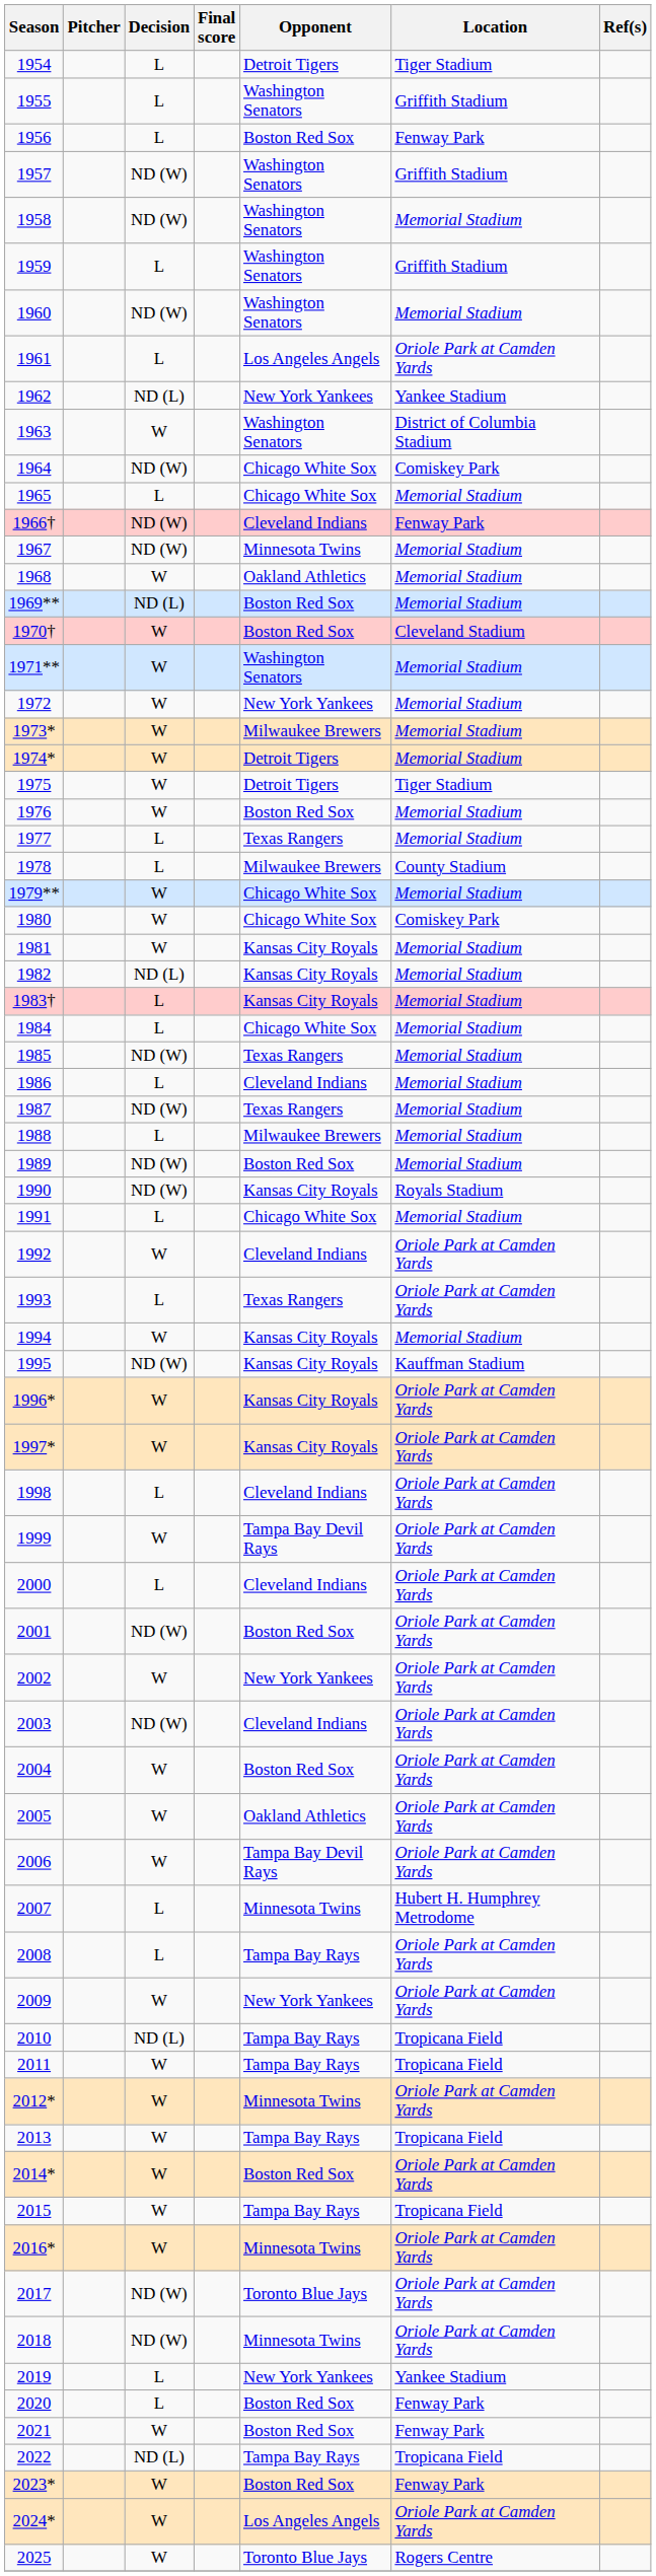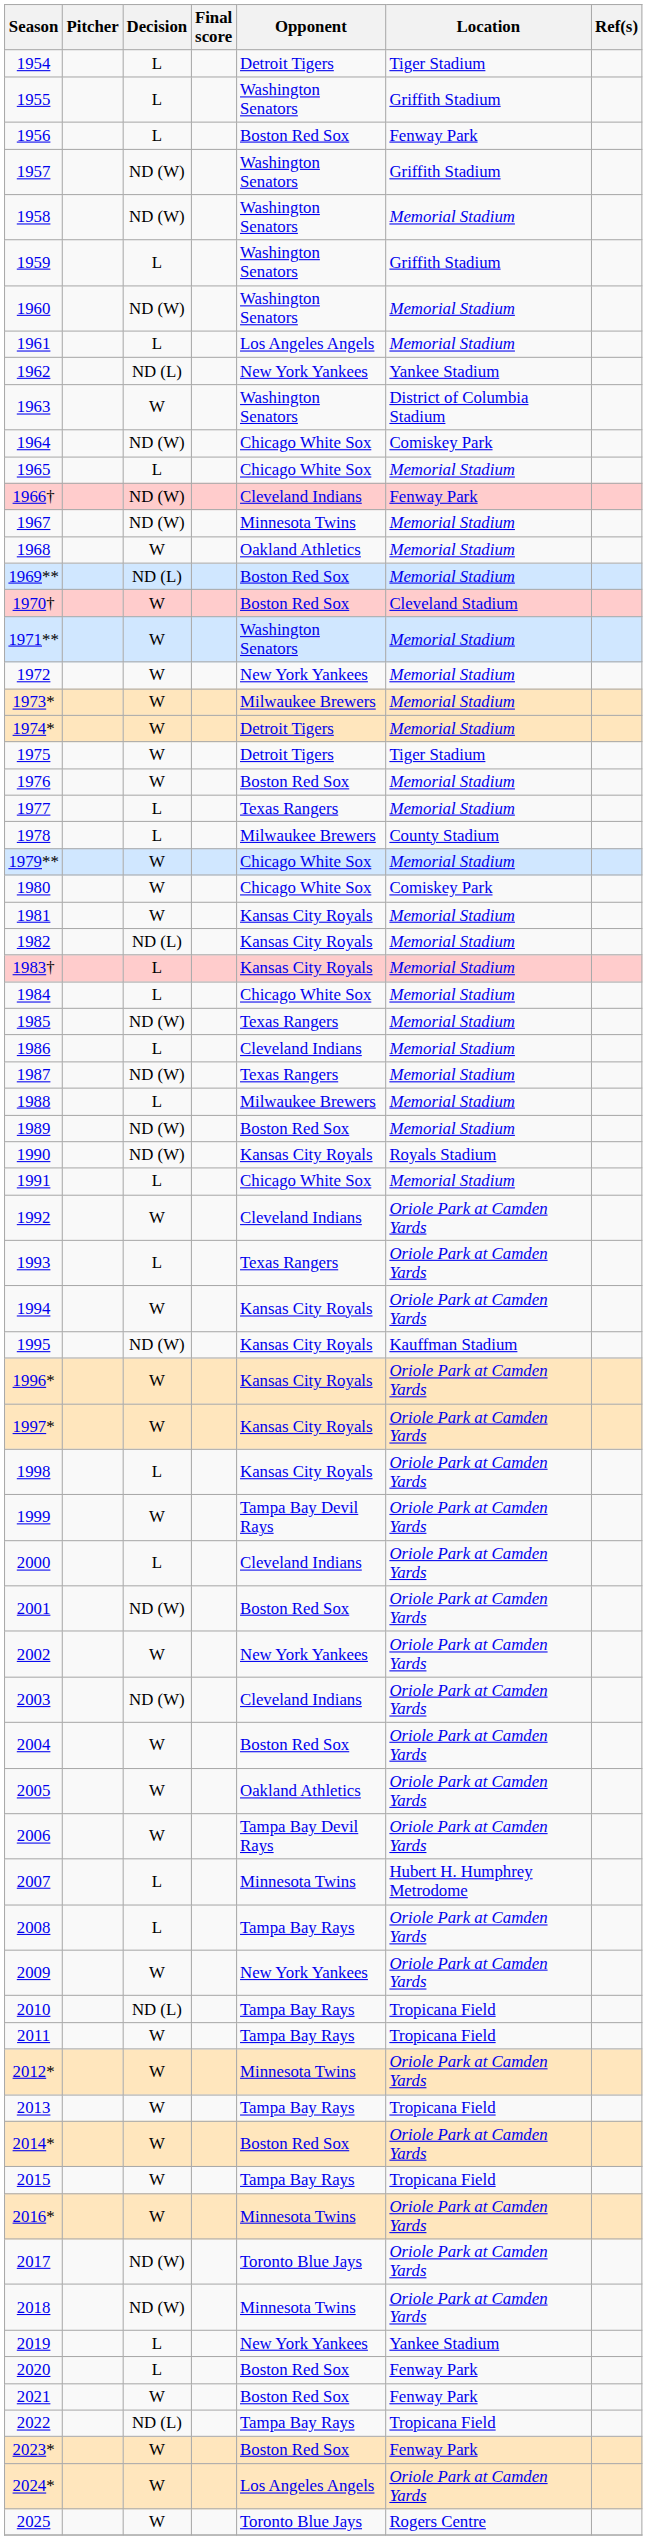 <table class="wikitable sortable plainrowheaders">
 <tr>
 <th scope="col">Season</th>
 <th scope="col">Pitcher</th>
 <th scope="col">Decision</th>
 <th scope="col">Final<br>score</th>
 <th scope="col">Opponent</th>
 <th scope="col">Location</th>
 <th class="unsortable">Ref(s)</th>
 </tr>
 <tr>
 <td align="center"><a href='#'>1954</a></td>
 <td></td>
 <td align="center">L</td>
 <td align="center"></td>
 <td><a href='#'>Detroit Tigers</a></td>
 <td><a href='#'>Tiger Stadium</a></td>
 <td align="center"></td>
 </tr>
 <tr>
 <td align="center"><a href='#'>1955</a></td>
 <td></td>
 <td align="center">L</td>
 <td align="center"></td>
 <td><a href='#'>Washington Senators</a></td>
 <td><a href='#'>Griffith Stadium</a></td>
 <td align="center"></td>
 </tr>
 <tr>
 <td align="center"><a href='#'>1956</a></td>
 <td></td>
 <td align="center">L</td>
 <td align="center"></td>
 <td><a href='#'>Boston Red Sox</a></td>
 <td><a href='#'>Fenway Park</a></td>
 <td align="center"></td>
 </tr>
 <tr>
 <td align="center"><a href='#'>1957</a></td>
 <td></td>
 <td align="center">ND (W)</td>
 <td align="center"></td>
 <td><a href='#'>Washington Senators</a></td>
 <td><a href='#'>Griffith Stadium</a></td>
 <td align="center"></td>
 </tr>
 <tr>
 <td align="center"><a href='#'>1958</a></td>
 <td></td>
 <td align="center">ND (W)</td>
 <td align="center"></td>
 <td><a href='#'>Washington Senators</a></td>
 <td><em><a href='#'>Memorial Stadium</a></em></td>
 <td align="center"></td>
 </tr>
 <tr>
 <td align="center"><a href='#'>1959</a></td>
 <td></td>
 <td align="center">L</td>
 <td align="center"></td>
 <td><a href='#'>Washington Senators</a></td>
 <td><a href='#'>Griffith Stadium</a></td>
 <td align="center"></td>
 </tr>
 <tr>
 <td align="center"><a href='#'>1960</a></td>
 <td></td>
 <td align="center">ND (W)</td>
 <td align="center"></td>
 <td><a href='#'>Washington Senators</a></td>
 <td><em><a href='#'>Memorial Stadium</a></em></td>
 <td align="center"></td>
 </tr>
 <tr>
 <td align="center"><a href='#'>1961</a></td>
 <td></td>
 <td align="center">L</td>
 <td align="center"></td>
 <td><a href='#'>Los Angeles Angels</a></td>
-<td><em><a href='#'>Oriole Park at Camden Yards</a></em></td>
+<td><em><a href='#'>Memorial Stadium</a></em></td>
 <td align="center"></td>
 </tr>
 <tr>
 <td align="center"><a href='#'>1962</a></td>
 <td></td>
 <td align="center">ND (L)</td>
 <td align="center"></td>
 <td><a href='#'>New York Yankees</a></td>
 <td><a href='#'>Yankee Stadium</a></td>
 <td align="center"></td>
 </tr>
 <tr>
 <td align="center"><a href='#'>1963</a></td>
 <td></td>
 <td align="center">W</td>
 <td align="center"></td>
 <td><a href='#'>Washington Senators</a></td>
 <td><a href='#'>District of Columbia Stadium</a></td>
 <td align="center"></td>
 </tr>
 <tr>
 <td align="center"><a href='#'>1964</a></td>
 <td> </td>
 <td align="center">ND (W)</td>
 <td align="center"></td>
 <td><a href='#'>Chicago White Sox</a></td>
 <td><a href='#'>Comiskey Park</a></td>
 <td align="center"></td>
 </tr>
 <tr>
 <td align="center"><a href='#'>1965</a></td>
 <td> </td>
 <td align="center">L</td>
 <td align="center"></td>
 <td><a href='#'>Chicago White Sox</a></td>
 <td><em><a href='#'>Memorial Stadium</a></em></td>
 <td align="center"></td>
 </tr>
 <tr>
 <td style="background-color: #FFCCCC" align="center"><a href='#'>1966</a>†</td>
 <td style="background-color: #FFCCCC"> </td>
 <td style="background-color: #FFCCCC" align="center">ND (W)</td>
 <td style="background-color: #FFCCCC" align="center"></td>
 <td style="background-color: #FFCCCC"><a href='#'>Cleveland Indians</a></td>
 <td style="background-color: #FFCCCC"><a href='#'>Fenway Park</a></td>
 <td style="background-color: #FFCCCC" align="center"></td>
 </tr>
 <tr>
 <td align="center"><a href='#'>1967</a></td>
 <td></td>
 <td align="center">ND (W)</td>
 <td align="center"></td>
 <td><a href='#'>Minnesota Twins</a></td>
 <td><em><a href='#'>Memorial Stadium</a></em></td>
 <td align="center"></td>
 </tr>
 <tr>
 <td align="center"><a href='#'>1968</a></td>
 <td></td>
 <td align="center">W</td>
 <td align="center"></td>
 <td><a href='#'>Oakland Athletics</a></td>
 <td><em><a href='#'>Memorial Stadium</a></em></td>
 <td align="center"></td>
 </tr>
 <tr>
 <td style="background-color: #D0E7FF" align="center"><a href='#'>1969</a>**</td>
 <td style="background-color: #D0E7FF"> </td>
 <td style="background-color: #D0E7FF" align="center">ND (L)</td>
 <td style="background-color: #D0E7FF" align="center"></td>
 <td style="background-color: #D0E7FF"><a href='#'>Boston Red Sox</a></td>
 <td style="background-color: #D0E7FF"><em><a href='#'>Memorial Stadium</a></em></td>
 <td style="background-color: #D0E7FF" align="center"></td>
 </tr>
 <tr>
 <td style="background-color: #FFCCCC" align="center"><a href='#'>1970</a>†</td>
 <td style="background-color: #FFCCCC"> </td>
 <td style="background-color: #FFCCCC" align="center">W</td>
 <td style="background-color: #FFCCCC" align="center"></td>
 <td style="background-color: #FFCCCC"><a href='#'>Boston Red Sox</a></td>
 <td style="background-color: #FFCCCC"><a href='#'>Cleveland Stadium</a></td>
 <td style="background-color: #FFCCCC" align="center"></td>
 </tr>
 <tr>
 <td style="background-color: #D0E7FF" align="center"><a href='#'>1971</a>**</td>
 <td style="background-color: #D0E7FF"> </td>
 <td style="background-color: #D0E7FF" align="center">W</td>
 <td style="background-color: #D0E7FF" align="center"></td>
 <td style="background-color: #D0E7FF"><a href='#'>Washington Senators</a></td>
 <td style="background-color: #D0E7FF"><em><a href='#'>Memorial Stadium</a></em></td>
 <td style="background-color: #D0E7FF" align="center"></td>
 </tr>
 <tr>
 <td align="center"><a href='#'>1972</a></td>
 <td></td>
 <td align="center">W</td>
 <td align="center"></td>
 <td><a href='#'>New York Yankees</a></td>
 <td><em><a href='#'>Memorial Stadium</a></em></td>
 <td align="center"></td>
 </tr>
 <tr>
 <td style="background-color: #FFE6BD" align="center"><a href='#'>1973</a>*</td>
 <td style="background-color: #FFE6BD"> </td>
 <td style="background-color: #FFE6BD" align="center">W</td>
 <td style="background-color: #FFE6BD" align="center"></td>
 <td style="background-color: #FFE6BD"><a href='#'>Milwaukee Brewers</a></td>
 <td style="background-color: #FFE6BD"><em><a href='#'>Memorial Stadium</a></em></td>
 <td style="background-color: #FFE6BD" align="center"></td>
 </tr>
 <tr>
 <td style="background-color: #FFE6BD" align="center"><a href='#'>1974</a>*</td>
 <td style="background-color: #FFE6BD"></td>
 <td style="background-color: #FFE6BD" align="center">W</td>
 <td style="background-color: #FFE6BD" align="center"></td>
 <td style="background-color: #FFE6BD"><a href='#'>Detroit Tigers</a></td>
 <td style="background-color: #FFE6BD"><em><a href='#'>Memorial Stadium</a></em></td>
 <td style="background-color: #FFE6BD" align="center"></td>
 </tr>
 <tr>
 <td align="center"><a href='#'>1975</a></td>
 <td> </td>
 <td align="center">W</td>
 <td align="center"></td>
 <td><a href='#'>Detroit Tigers</a></td>
 <td><a href='#'>Tiger Stadium</a></td>
 <td align="center"></td>
 </tr>
 <tr>
 <td align="center"><a href='#'>1976</a></td>
 <td> </td>
 <td align="center">W</td>
 <td align="center"></td>
 <td><a href='#'>Boston Red Sox</a></td>
 <td><em><a href='#'>Memorial Stadium</a></em></td>
 <td align="center"></td>
 </tr>
 <tr>
 <td align="center"><a href='#'>1977</a></td>
 <td> </td>
 <td align="center">L</td>
 <td align="center"></td>
 <td><a href='#'>Texas Rangers</a></td>
 <td><em><a href='#'>Memorial Stadium</a></em></td>
 <td align="center"></td>
 </tr>
 <tr>
 <td align="center"><a href='#'>1978</a></td>
 <td></td>
 <td align="center">L</td>
 <td align="center"></td>
 <td><a href='#'>Milwaukee Brewers</a></td>
 <td><a href='#'>County Stadium</a></td>
 <td align="center"></td>
 </tr>
 <tr>
 <td style="background-color: #D0E7FF" align="center"><a href='#'>1979</a>**</td>
 <td style="background-color: #D0E7FF"> </td>
 <td style="background-color: #D0E7FF" align="center">W</td>
 <td style="background-color: #D0E7FF" align="center"></td>
 <td style="background-color: #D0E7FF"><a href='#'>Chicago White Sox</a></td>
 <td style="background-color: #D0E7FF"><em><a href='#'>Memorial Stadium</a></em></td>
 <td style="background-color: #D0E7FF" align="center"></td>
 </tr>
 <tr>
 <td align="center"><a href='#'>1980</a></td>
 <td> </td>
 <td align="center">W</td>
 <td align="center"></td>
 <td><a href='#'>Chicago White Sox</a></td>
 <td><a href='#'>Comiskey Park</a></td>
 <td align="center"></td>
 </tr>
 <tr>
 <td align="center"><a href='#'>1981</a></td>
 <td></td>
 <td align="center">W</td>
 <td align="center"></td>
 <td><a href='#'>Kansas City Royals</a></td>
 <td><em><a href='#'>Memorial Stadium</a></em></td>
 <td align="center"></td>
 </tr>
 <tr>
 <td align="center"><a href='#'>1982</a></td>
 <td></td>
 <td align="center">ND (L)</td>
 <td align="center"></td>
 <td><a href='#'>Kansas City Royals</a></td>
 <td><em><a href='#'>Memorial Stadium</a></em></td>
 <td align="center"></td>
 </tr>
 <tr>
 <td style="background-color: #FFCCCC" align="center"><a href='#'>1983</a>†</td>
 <td style="background-color: #FFCCCC"> </td>
 <td style="background-color: #FFCCCC" align="center">L</td>
 <td style="background-color: #FFCCCC" align="center"></td>
 <td style="background-color: #FFCCCC"><a href='#'>Kansas City Royals</a></td>
 <td style="background-color: #FFCCCC"><em><a href='#'>Memorial Stadium</a></em></td>
 <td style="background-color: #FFCCCC" align="center"></td>
 </tr>
 <tr>
 <td align="center"><a href='#'>1984</a></td>
 <td></td>
 <td align="center">L</td>
 <td align="center"></td>
 <td><a href='#'>Chicago White Sox</a></td>
 <td><em><a href='#'>Memorial Stadium</a></em></td>
 <td align="center"></td>
 </tr>
 <tr>
 <td align="center"><a href='#'>1985</a></td>
 <td></td>
 <td align="center">ND (W)</td>
 <td align="center"></td>
 <td><a href='#'>Texas Rangers</a></td>
 <td><em><a href='#'>Memorial Stadium</a></em></td>
 <td align="center"></td>
 </tr>
 <tr>
 <td align="center"><a href='#'>1986</a></td>
 <td> </td>
 <td align="center">L</td>
 <td align="center"></td>
 <td><a href='#'>Cleveland Indians</a></td>
 <td><em><a href='#'>Memorial Stadium</a></em></td>
 <td align="center"></td>
 </tr>
 <tr>
 <td align="center"><a href='#'>1987</a></td>
 <td></td>
 <td align="center">ND (W)</td>
 <td align="center"></td>
 <td><a href='#'>Texas Rangers</a></td>
 <td><em><a href='#'>Memorial Stadium</a></em></td>
 <td align="center"></td>
 </tr>
 <tr>
 <td align="center"><a href='#'>1988</a></td>
 <td> </td>
 <td align="center">L</td>
 <td align="center"></td>
 <td><a href='#'>Milwaukee Brewers</a></td>
 <td><em><a href='#'>Memorial Stadium</a></em></td>
 <td align="center"></td>
 </tr>
 <tr>
 <td align="center"><a href='#'>1989</a></td>
 <td></td>
 <td align="center">ND (W)</td>
 <td align="center"></td>
 <td><a href='#'>Boston Red Sox</a></td>
 <td><em><a href='#'>Memorial Stadium</a></em></td>
 <td align="center"></td>
 </tr>
 <tr>
 <td align="center"><a href='#'>1990</a></td>
 <td></td>
 <td align="center">ND (W)</td>
 <td align="center"></td>
 <td><a href='#'>Kansas City Royals</a></td>
 <td><a href='#'>Royals Stadium</a></td>
 <td align="center"></td>
 </tr>
 <tr>
 <td align="center"><a href='#'>1991</a></td>
 <td></td>
 <td align="center">L</td>
 <td align="center"></td>
 <td><a href='#'>Chicago White Sox</a></td>
 <td><em><a href='#'>Memorial Stadium</a></em></td>
 <td align="center"></td>
 </tr>
 <tr>
 <td align="center"><a href='#'>1992</a></td>
 <td></td>
 <td align="center">W</td>
 <td align="center"></td>
 <td><a href='#'>Cleveland Indians</a></td>
 <td><em><a href='#'>Oriole Park at Camden Yards</a></em></td>
 <td align="center"></td>
 </tr>
 <tr>
 <td align="center"><a href='#'>1993</a></td>
 <td> </td>
 <td align="center">L</td>
 <td align="center"></td>
 <td><a href='#'>Texas Rangers</a></td>
 <td><em><a href='#'>Oriole Park at Camden Yards</a></em></td>
 <td align="center"></td>
 </tr>
 <tr>
 <td align="center"><a href='#'>1994</a></td>
 <td></td>
 <td align="center">W</td>
 <td align="center"></td>
 <td><a href='#'>Kansas City Royals</a></td>
-<td><em><a href='#'>Memorial Stadium</a></em></td>
+<td><em><a href='#'>Oriole Park at Camden Yards</a></em></td>
 <td align="center"></td>
 </tr>
 <tr>
 <td align="center"><a href='#'>1995</a></td>
 <td> </td>
 <td align="center">ND (W)</td>
 <td align="center"></td>
 <td><a href='#'>Kansas City Royals</a></td>
 <td><a href='#'>Kauffman Stadium</a></td>
 <td align="center"></td>
 </tr>
 <tr>
 <td style="background-color: #FFE6BD" align="center"><a href='#'>1996</a>*</td>
 <td style="background-color: #FFE6BD"> </td>
 <td style="background-color: #FFE6BD" align="center">W</td>
 <td style="background-color: #FFE6BD" align="center"></td>
 <td style="background-color: #FFE6BD"><a href='#'>Kansas City Royals</a></td>
 <td style="background-color: #FFE6BD"><em><a href='#'>Oriole Park at Camden Yards</a></em></td>
 <td style="background-color: #FFE6BD" align="center"></td>
 </tr>
 <tr>
 <td style="background-color: #FFE6BD" align="center"><a href='#'>1997</a>*</td>
 <td style="background-color: #FFE6BD"></td>
 <td style="background-color: #FFE6BD" align="center">W</td>
 <td style="background-color: #FFE6BD" align="center"></td>
 <td style="background-color: #FFE6BD"><a href='#'>Kansas City Royals</a></td>
 <td style="background-color: #FFE6BD"><em><a href='#'>Oriole Park at Camden Yards</a></em></td>
 <td style="background-color: #FFE6BD" align="center"></td>
 </tr>
 <tr>
 <td align="center"><a href='#'>1998</a></td>
 <td> </td>
 <td align="center">L</td>
 <td align="center"></td>
-<td><a href='#'>Cleveland Indians</a></td>
+<td><a href='#'>Kansas City Royals</a></td>
 <td><em><a href='#'>Oriole Park at Camden Yards</a></em></td>
 <td align="center"></td>
 </tr>
 <tr>
 <td align="center"><a href='#'>1999</a></td>
 <td> </td>
 <td align="center">W</td>
 <td align="center"></td>
 <td><a href='#'>Tampa Bay Devil Rays</a></td>
 <td><em><a href='#'>Oriole Park at Camden Yards</a></em></td>
 <td align="center"></td>
 </tr>
 <tr>
 <td align="center"><a href='#'>2000</a></td>
 <td> </td>
 <td align="center">L</td>
 <td align="center"></td>
 <td><a href='#'>Cleveland Indians</a></td>
 <td><em><a href='#'>Oriole Park at Camden Yards</a></em></td>
 <td align="center"></td>
 </tr>
 <tr>
 <td align="center"><a href='#'>2001</a></td>
 <td></td>
 <td align="center">ND (W)</td>
 <td align="center"></td>
 <td><a href='#'>Boston Red Sox</a></td>
 <td><em><a href='#'>Oriole Park at Camden Yards</a></em></td>
 <td align="center"></td>
 </tr>
 <tr>
 <td align="center"><a href='#'>2002</a></td>
 <td></td>
 <td align="center">W</td>
 <td align="center"></td>
 <td><a href='#'>New York Yankees</a></td>
 <td><em><a href='#'>Oriole Park at Camden Yards</a></em></td>
 <td align="center"></td>
 </tr>
 <tr>
 <td align="center"><a href='#'>2003</a></td>
 <td></td>
 <td align="center">ND (W)</td>
 <td align="center"></td>
 <td><a href='#'>Cleveland Indians</a></td>
 <td><em><a href='#'>Oriole Park at Camden Yards</a></em></td>
 <td align="center"></td>
 </tr>
 <tr>
 <td align="center"><a href='#'>2004</a></td>
 <td></td>
 <td align="center">W</td>
 <td align="center"></td>
 <td><a href='#'>Boston Red Sox</a></td>
 <td><em><a href='#'>Oriole Park at Camden Yards</a></em></td>
 <td align="center"></td>
 </tr>
 <tr>
 <td align="center"><a href='#'>2005</a></td>
 <td> </td>
 <td align="center">W</td>
 <td align="center"></td>
 <td><a href='#'>Oakland Athletics</a></td>
 <td><em><a href='#'>Oriole Park at Camden Yards</a></em></td>
 <td align="center"></td>
 </tr>
 <tr>
 <td align="center"><a href='#'>2006</a></td>
 <td> </td>
 <td align="center">W</td>
 <td align="center"></td>
 <td><a href='#'>Tampa Bay Devil Rays</a></td>
 <td><em><a href='#'>Oriole Park at Camden Yards</a></em></td>
 <td align="center"></td>
 </tr>
 <tr>
 <td align="center"><a href='#'>2007</a></td>
 <td></td>
 <td align="center">L</td>
 <td align="center"></td>
 <td><a href='#'>Minnesota Twins</a></td>
 <td><a href='#'>Hubert H. Humphrey Metrodome</a></td>
 <td align="center"></td>
 </tr>
 <tr>
 <td align="center"><a href='#'>2008</a></td>
 <td></td>
 <td align="center">L</td>
 <td align="center"></td>
 <td><a href='#'>Tampa Bay Rays</a></td>
 <td><em><a href='#'>Oriole Park at Camden Yards</a></em></td>
 <td align="center"></td>
 </tr>
 <tr>
 <td align="center"><a href='#'>2009</a></td>
 <td> </td>
 <td align="center">W</td>
 <td align="center"></td>
 <td><a href='#'>New York Yankees</a></td>
 <td><em><a href='#'>Oriole Park at Camden Yards</a></em></td>
 <td align="center"></td>
 </tr>
 <tr>
 <td align="center"><a href='#'>2010</a></td>
 <td></td>
 <td align="center">ND (L)</td>
 <td align="center"></td>
 <td><a href='#'>Tampa Bay Rays</a></td>
 <td><a href='#'>Tropicana Field</a></td>
 <td align="center"></td>
 </tr>
 <tr>
 <td align="center"><a href='#'>2011</a></td>
 <td> </td>
 <td align="center">W</td>
 <td align="center"></td>
 <td><a href='#'>Tampa Bay Rays</a></td>
 <td><a href='#'>Tropicana Field</a></td>
 <td align="center"></td>
 </tr>
 <tr>
 <td style="background-color: #FFE6BD" align="center"><a href='#'>2012</a>*</td>
 <td style="background-color: #FFE6BD"></td>
 <td style="background-color: #FFE6BD" align="center">W</td>
 <td style="background-color: #FFE6BD" align="center"></td>
 <td style="background-color: #FFE6BD"><a href='#'>Minnesota Twins</a></td>
 <td style="background-color: #FFE6BD"><em><a href='#'>Oriole Park at Camden Yards</a></em></td>
 <td style="background-color: #FFE6BD" align="center"></td>
 </tr>
 <tr>
 <td align="center"><a href='#'>2013</a></td>
 <td></td>
 <td align="center">W</td>
 <td align="center"></td>
 <td><a href='#'>Tampa Bay Rays</a></td>
 <td><a href='#'>Tropicana Field</a></td>
 <td align="center"></td>
 </tr>
 <tr>
 <td style="background-color: #FFE6BD" align="center"><a href='#'>2014</a>*</td>
 <td style="background-color: #FFE6BD"></td>
 <td style="background-color: #FFE6BD" align="center">W</td>
 <td style="background-color: #FFE6BD" align="center"></td>
 <td style="background-color: #FFE6BD"><a href='#'>Boston Red Sox</a></td>
 <td style="background-color: #FFE6BD"><em><a href='#'>Oriole Park at Camden Yards</a></em></td>
 <td style="background-color: #FFE6BD" align="center"></td>
 </tr>
 <tr>
 <td align="center"><a href='#'>2015</a></td>
 <td> </td>
 <td align="center">W</td>
 <td align="center"></td>
 <td><a href='#'>Tampa Bay Rays</a></td>
 <td><a href='#'>Tropicana Field</a></td>
 <td align="center"></td>
 </tr>
 <tr>
 <td style="background-color: #FFE6BD" align="center"><a href='#'>2016</a>*</td>
 <td style="background-color: #FFE6BD"> </td>
 <td style="background-color: #FFE6BD" align="center">W</td>
 <td style="background-color: #FFE6BD" align="center"></td>
 <td style="background-color: #FFE6BD"><a href='#'>Minnesota Twins</a></td>
 <td style="background-color: #FFE6BD"><em><a href='#'>Oriole Park at Camden Yards</a></em></td>
 <td style="background-color: #FFE6BD" align="center"></td>
 </tr>
 <tr>
 <td align="center"><a href='#'>2017</a></td>
 <td></td>
 <td align="center">ND (W)</td>
 <td align="center"></td>
 <td><a href='#'>Toronto Blue Jays</a></td>
 <td><em><a href='#'>Oriole Park at Camden Yards</a></em></td>
 <td align="center"></td>
 </tr>
 <tr>
 <td align="center"><a href='#'>2018</a></td>
 <td></td>
 <td align="center">ND (W)</td>
 <td align="center"></td>
 <td><a href='#'>Minnesota Twins</a></td>
 <td><em><a href='#'>Oriole Park at Camden Yards</a></em></td>
 <td align="center"></td>
 </tr>
 <tr>
 <td align="center"><a href='#'>2019</a></td>
 <td></td>
 <td align="center">L</td>
 <td align="center"></td>
 <td><a href='#'>New York Yankees</a></td>
 <td><a href='#'>Yankee Stadium</a></td>
 <td align="center"></td>
 </tr>
 <tr>
 <td align="center"><a href='#'>2020</a></td>
 <td></td>
 <td align="center">L</td>
 <td align="center"></td>
 <td><a href='#'>Boston Red Sox</a></td>
 <td><a href='#'>Fenway Park</a></td>
 <td align="center"></td>
 </tr>
 <tr>
 <td align="center"><a href='#'>2021</a></td>
 <td></td>
 <td align="center">W</td>
 <td align="center"></td>
 <td><a href='#'>Boston Red Sox</a></td>
 <td><a href='#'>Fenway Park</a></td>
 <td align="center"></td>
 </tr>
 <tr>
 <td align="center"><a href='#'>2022</a></td>
 <td> </td>
 <td align="center">ND (L)</td>
 <td align="center"></td>
 <td><a href='#'>Tampa Bay Rays</a></td>
 <td><a href='#'>Tropicana Field</a></td>
 <td align="center"></td>
 </tr>
 <tr>
 <td style="background-color: #FFE6BD" align="center"><a href='#'>2023</a>*</td>
 <td style="background-color: #FFE6BD"></td>
 <td style="background-color: #FFE6BD" align="center">W</td>
 <td style="background-color: #FFE6BD" align="center"></td>
 <td style="background-color: #FFE6BD"><a href='#'>Boston Red Sox</a></td>
 <td style="background-color: #FFE6BD"><a href='#'>Fenway Park</a></td>
 <td style="background-color: #FFE6BD" align="center"></td>
 </tr>
 <tr style="background-color: #FFE6BD">
 <td align="center"><a href='#'>2024</a>*</td>
 <td></td>
 <td align="center">W</td>
 <td align="center"></td>
 <td><a href='#'>Los Angeles Angels</a></td>
 <td><em><a href='#'>Oriole Park at Camden Yards</a></em></td>
 <td align="center"></td>
 </tr>
 <tr>
 <td align="center"><a href='#'>2025</a></td>
 <td></td>
 <td align="center">W</td>
 <td align="center"></td>
 <td><a href='#'>Toronto Blue Jays</a></td>
 <td><a href='#'>Rogers Centre</a></td>
 <td align="center"></td>
 </tr>
 <tr>
 </tr>
 </table>
